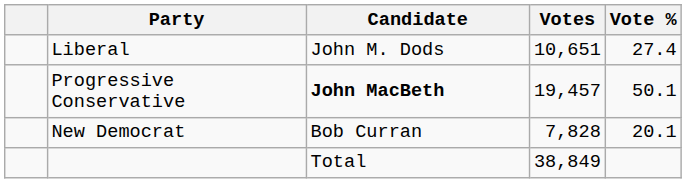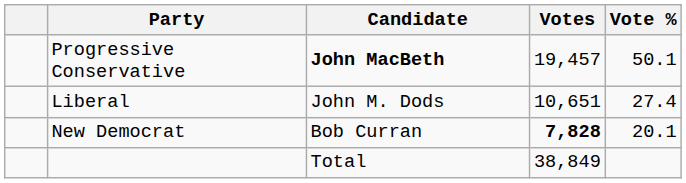 <table class="wikitable">
 <tr>
 <th></th>
 <th scope="col" width="175">Party</th>
 <th scope="col" width="150">Candidate</th>
 <th>Votes</th>
 <th>Vote %</th>
 </tr>
 <tr>
 <td>   </td>
+<td>Progressive Conservative</td>
+<td><strong>John MacBeth</strong></td>
+<td align=right>19,457</td>
+<td align=right>50.1</td>
+</tr>
+<tr>
+<td>   </td>
 <td>Liberal</td>
 <td>John M. Dods</td>
 <td align=right>10,651</td>
 <td align=right>27.4</td>
 </tr>
 <tr>
 <td>   </td>
-<td>Progressive Conservative</td>
-<td><strong>John MacBeth</strong></td>
-<td align=right>19,457</td>
-<td align=right>50.1</td>
-</tr>
-<tr>
-<td>   </td>
 <td>New Democrat</td>
 <td>Bob Curran</td>
-<td align=right>7,828</td>
+<td align=right><strong>7,828</strong></td>
 <td align=right>20.1<br> </td>
 </tr>
 <tr |>
 <td></td>
 <td></td>
 <td>Total</td>
 <td align=right>38,849</td>
 <td></td>
 </tr>
 </table>
